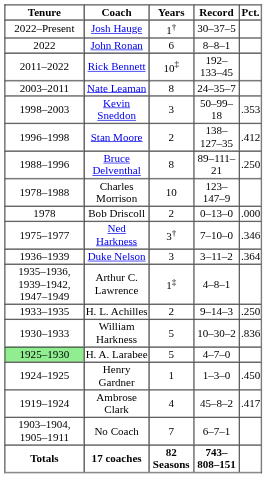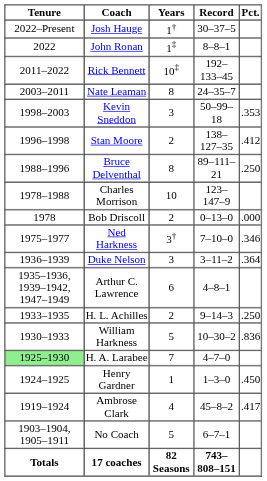 <table cellpadding="1" border="1" cellspacing="0" width="60%">
 <tr>
 <th>Tenure</th>
 <th>Coach</th>
 <th>Years</th>
 <th>Record</th>
 <th>Pct.</th>
 </tr>
 <tr align="center">
 <td>2022–Present</td>
 <td><a href='#'>Josh Hauge</a></td>
 <td>1<sup>†</sup></td>
 <td>30–37–5</td>
 <td></td>
 </tr>
 <tr align="center">
 <td>2022</td>
 <td><a href='#'>John Ronan</a></td>
-<td>6</td>
+<td>1<sup>‡</sup></td>
 <td>8–8–1</td>
 <td></td>
 </tr>
 <tr align="center">
 <td>2011–2022</td>
 <td><a href='#'>Rick Bennett</a></td>
 <td>10<sup>‡</sup></td>
 <td>192–133–45</td>
 <td></td>
 </tr>
 <tr align="center">
 <td>2003–2011</td>
 <td><a href='#'>Nate Leaman</a></td>
 <td>8</td>
 <td>24–35–7</td>
 <td></td>
 </tr>
 <tr align="center">
 <td>1998–2003</td>
 <td><a href='#'>Kevin Sneddon</a></td>
 <td>3</td>
 <td>50–99–18</td>
 <td>.353</td>
 </tr>
 <tr align="center">
 <td>1996–1998</td>
 <td><a href='#'>Stan Moore</a></td>
 <td>2</td>
 <td>138–127–35</td>
 <td>.412</td>
 </tr>
 <tr align="center">
 <td>1988–1996</td>
 <td><a href='#'>Bruce Delventhal</a></td>
 <td>8</td>
 <td>89–111–21</td>
 <td>.250</td>
 </tr>
 <tr align="center">
 <td>1978–1988</td>
 <td>Charles Morrison</td>
 <td>10</td>
 <td>123–147–9</td>
 <td></td>
 </tr>
 <tr align="center">
 <td>1978</td>
 <td>Bob Driscoll</td>
 <td>2</td>
 <td>0–13–0</td>
 <td>.000</td>
 </tr>
 <tr align="center">
 <td>1975–1977</td>
 <td><a href='#'>Ned Harkness</a></td>
 <td>3<sup>†</sup></td>
 <td>7–10–0</td>
 <td>.346</td>
 </tr>
 <tr align="center">
 <td>1936–1939</td>
 <td><a href='#'>Duke Nelson</a></td>
 <td>3</td>
 <td>3–11–2</td>
 <td>.364</td>
 </tr>
 <tr align="center">
 <td>1935–1936, 1939–1942, 1947–1949</td>
 <td>Arthur C. Lawrence</td>
-<td>1<sup>‡</sup></td>
+<td>6</td>
 <td>4–8–1</td>
 <td></td>
 </tr>
 <tr align="center">
 <td>1933–1935</td>
 <td>H. L. Achilles</td>
 <td>2</td>
 <td>9–14–3</td>
 <td>.250</td>
 </tr>
 <tr align="center">
 <td>1930–1933</td>
 <td>William Harkness</td>
 <td>5</td>
 <td>10–30–2</td>
 <td>.836</td>
 </tr>
 <tr align="center">
 <td style="background: lightgreen;">1925–1930</td>
 <td>H. A. Larabee</td>
-<td>5</td>
+<td>7</td>
 <td>4–7–0</td>
 <td></td>
 </tr>
 <tr align="center">
 <td>1924–1925</td>
 <td>Henry Gardner</td>
 <td>1</td>
 <td>1–3–0</td>
 <td>.450</td>
 </tr>
 <tr align="center">
 <td>1919–1924</td>
 <td>Ambrose Clark</td>
 <td>4</td>
 <td>45–8–2</td>
 <td>.417</td>
 </tr>
 <tr align="center">
 <td>1903–1904, 1905–1911</td>
 <td>No Coach</td>
-<td>7</td>
+<td>5</td>
 <td>6–7–1</td>
 <td></td>
 </tr>
 <tr align="center">
 </tr>
 <tr align=center>
 <th>Totals</th>
 <th>17 coaches</th>
 <th>82 Seasons</th>
 <th>743–808–151</th>
 <th></th>
 </tr>
 </table>
